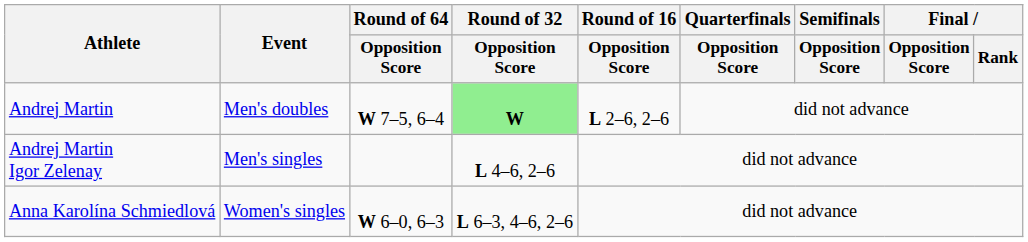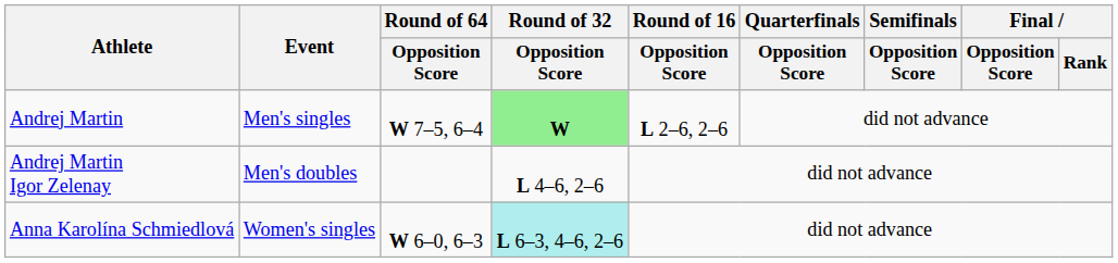 <table class=wikitable style="font-size:90%">
 <tr>
 <th rowspan="2">Athlete</th>
 <th rowspan="2">Event</th>
 <th>Round of 64</th>
 <th>Round of 32</th>
 <th>Round of 16</th>
 <th>Quarterfinals</th>
 <th>Semifinals</th>
 <th colspan=2>Final / </th>
 </tr>
 <tr style="font-size:95%">
 <th>Opposition<br>Score</th>
 <th>Opposition<br>Score</th>
 <th>Opposition<br>Score</th>
 <th>Opposition<br>Score</th>
 <th>Opposition<br>Score</th>
 <th>Opposition<br>Score</th>
 <th>Rank</th>
 </tr>
 <tr align=center>
 <td align=left><a href='#'>Andrej Martin</a></td>
-<td align=left><a href='#'>Men's doubles</a></td>
+<td align=left><a href='#'>Men's singles</a></td>
 <td><br><strong>W</strong> 7–5, 6–4</td>
 <td style="background: lightgreen;"><br><strong>W</strong> </td>
 <td><br><strong>L</strong> 2–6, 2–6</td>
 <td colspan=5>did not advance</td>
 </tr>
 <tr align=center>
 <td align=left><a href='#'>Andrej Martin</a><br><a href='#'>Igor Zelenay</a></td>
-<td align=left><a href='#'>Men's singles</a></td>
+<td align=left><a href='#'>Men's doubles</a></td>
 <td></td>
 <td><br><strong>L</strong> 4–6, 2–6</td>
 <td colspan=5>did not advance</td>
 </tr>
 <tr align=center>
 <td align=left><a href='#'>Anna Karolína Schmiedlová</a></td>
 <td align=left><a href='#'>Women's singles</a></td>
 <td><br><strong>W</strong> 6–0, 6–3</td>
-<td><br><strong>L</strong> 6–3, 4–6, 2–6</td>
+<td style="background: paleturquoise;"><br><strong>L</strong> 6–3, 4–6, 2–6</td>
 <td colspan=5>did not advance</td>
 </tr>
 </table>
